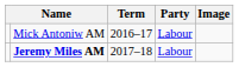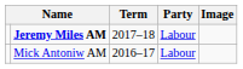 <table class="wikitable">
 <tr>
 <th Colspan="2">Name</th>
 <th>Term</th>
 <th>Party</th>
 <th>Image</th>
 </tr>
 <tr>
 <td style="background-color: "></td>
+<td><strong><a href='#'>Jeremy Miles</a> AM </strong></td>
+<td>2017–18</td>
+<td><a href='#'>Labour</a></td>
+<td></td>
+</tr>
+<tr>
+<td style="background-color: "></td>
 <td><a href='#'>Mick Antoniw</a> AM</td>
 <td>2016–17</td>
 <td><a href='#'>Labour</a></td>
 <td></td>
 </tr>
-<tr>
-<td style="background-color: "></td>
-<td><strong><a href='#'>Jeremy Miles</a> AM </strong></td>
-<td>2017–18</td>
-<td><a href='#'>Labour</a></td>
-<td></td>
-</tr>
 </table>
